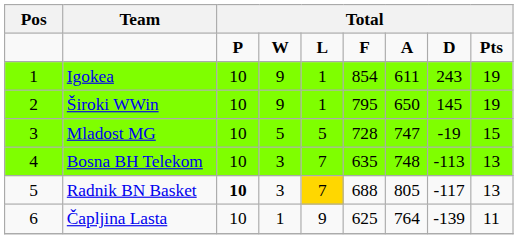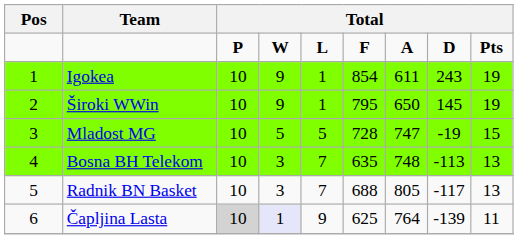 <table class="wikitable sortable" style="text-align: center; font-size:95%">
 <tr>
 <th width="44">Pos</th>
 <th width="128">Team</th>
 <th colspan=7>Total</th>
 </tr>
 <tr>
 <td></td>
 <td></td>
 <td width="30"><strong>P</strong></td>
 <td width="30"><strong>W</strong></td>
 <td width="30"><strong>L</strong></td>
 <td width="30"><strong>F</strong></td>
 <td width="30"><strong>A</strong></td>
 <td width="30"><strong>D</strong></td>
 <td width="30"><strong>Pts</strong></td>
 </tr>
 <tr bgcolor="#7fff00">
 <td>1</td>
 <td align="left"><a href='#'>Igokea</a></td>
 <td>10</td>
 <td>9</td>
 <td>1</td>
 <td>854</td>
 <td>611</td>
 <td>243</td>
 <td>19</td>
 </tr>
 <tr bgcolor="#7fff00">
 <td>2</td>
 <td align="left"><a href='#'>Široki WWin</a></td>
 <td>10</td>
 <td>9</td>
 <td>1</td>
 <td>795</td>
 <td>650</td>
 <td>145</td>
 <td>19</td>
 </tr>
 <tr bgcolor="#7fff00">
 <td>3</td>
 <td align="left"><a href='#'>Mladost MG</a></td>
 <td>10</td>
 <td>5</td>
 <td>5</td>
 <td>728</td>
 <td>747</td>
 <td>-19</td>
 <td>15</td>
 </tr>
 <tr bgcolor="#7fff00">
 <td>4</td>
 <td align="left"><a href='#'>Bosna BH Telekom</a></td>
 <td>10</td>
 <td>3</td>
 <td>7</td>
 <td>635</td>
 <td>748</td>
 <td>-113</td>
 <td>13</td>
 </tr>
 <tr>
 <td>5</td>
 <td align="left"><a href='#'>Radnik BN Basket</a></td>
-<td><strong>10</strong></td>
+<td>10</td>
 <td>3</td>
-<td style="background: gold;">7</td>
+<td>7</td>
 <td>688</td>
 <td>805</td>
 <td>-117</td>
 <td>13</td>
 </tr>
 <tr>
 <td>6</td>
 <td align="left"><a href='#'>Čapljina Lasta</a></td>
-<td>10</td>
-<td>1</td>
+<td style="background: lightgrey;">10</td>
+<td style="background: lavender;">1</td>
 <td>9</td>
 <td>625</td>
 <td>764</td>
 <td>-139</td>
 <td>11</td>
 </tr>
 <tr>
 </tr>
 </table>
